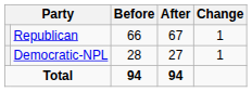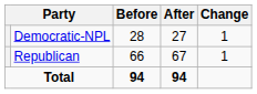 <table class="wikitable" style="text-align:center;">
 <tr>
 <th colspan="2">Party</th>
 <th>Before</th>
 <th>After</th>
 <th>Change</th>
 </tr>
 <tr>
 <th style="background-color:"></th>
-<td style="text-align:left;"><a href='#'>Republican</a></td>
-<td>66</td>
-<td>67</td>
+<td style="text-align:left;"><a href='#'>Democratic-NPL</a></td>
+<td>28</td>
+<td>27</td>
 <td> 1</td>
 </tr>
 <tr>
 <th style="background-color:"></th>
-<td style="text-align:left;"><a href='#'>Democratic-NPL</a></td>
-<td>28</td>
-<td>27</td>
+<td style="text-align:left;"><a href='#'>Republican</a></td>
+<td>66</td>
+<td>67</td>
 <td> 1</td>
 </tr>
 <tr>
 <td colspan="2"><strong>Total</strong></td>
 <td><strong>94</strong></td>
 <td><strong>94</strong></td>
 <td></td>
 </tr>
 </table>
